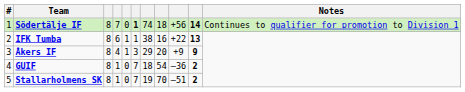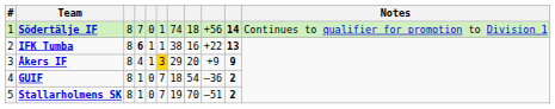 <table class="wikitable sortable">
 <tr>
 <th>#</th>
 <th>Team</th>
 <th></th>
 <th></th>
 <th></th>
 <th></th>
 <th></th>
 <th></th>
 <th></th>
 <th></th>
 <th>Notes</th>
 </tr>
 <tr style="background: #D0F0C0;">
 <td>1</td>
 <td style="font-weight:bold;"><a href='#'>Södertälje IF</a></td>
 <td style="text-align: center;">8</td>
 <td style="text-align: center;">7</td>
 <td style="text-align: center;">0</td>
-<td style="text-align: center;"><strong>1</strong></td>
+<td style="text-align: center;">1</td>
 <td style="text-align: center;">74</td>
 <td style="text-align: center;">18</td>
 <td style="text-align: center;">+56</td>
 <td style="text-align: center; font-weight:bold;">14</td>
 <td>Continues to <a href='#'>qualifier for promotion</a> to <a href='#'>Division 1</a></td>
 </tr>
 <tr>
 <td>2</td>
 <td style="font-weight:bold;"><a href='#'>IFK Tumba</a></td>
 <td style="text-align: center;">8</td>
-<td style="text-align: center;">6</td>
+<td style="text-align: center;"><strong>6</strong></td>
 <td style="text-align: center;">1</td>
 <td style="text-align: center;">1</td>
 <td style="text-align: center;">38</td>
 <td style="text-align: center;">16</td>
 <td style="text-align: center;">+22</td>
 <td style="text-align: center; font-weight:bold;">13</td>
 </tr>
 <tr>
 <td>3</td>
 <td style="font-weight:bold;"><a href='#'>Åkers IF</a></td>
 <td style="text-align: center;">8</td>
 <td style="text-align: center;">4</td>
 <td style="text-align: center;">1</td>
-<td style="text-align: center;">3</td>
+<td style="background: gold; text-align: center;">3</td>
 <td style="text-align: center;">29</td>
 <td style="text-align: center;">20</td>
 <td style="text-align: center;">+9</td>
 <td style="text-align: center; font-weight:bold;">9</td>
 </tr>
 <tr>
 <td>4</td>
 <td style="font-weight:bold;"><a href='#'>GUIF</a></td>
 <td style="text-align: center;">8</td>
 <td style="text-align: center;">1</td>
 <td style="text-align: center;">0</td>
 <td style="text-align: center;">7</td>
 <td style="text-align: center;">18</td>
 <td style="text-align: center;">54</td>
 <td style="text-align: center;">–36</td>
 <td style="text-align: center; font-weight:bold;">2</td>
 </tr>
 <tr>
 <td>5</td>
 <td style="font-weight:bold;"><a href='#'>Stallarholmens SK</a></td>
 <td style="text-align: center;">8</td>
 <td style="text-align: center;">1</td>
 <td style="text-align: center;">0</td>
 <td style="text-align: center;">7</td>
 <td style="text-align: center;">19</td>
 <td style="text-align: center;">70</td>
 <td style="text-align: center;">–51</td>
 <td style="text-align: center; font-weight:bold;">2</td>
 </tr>
 </table>
